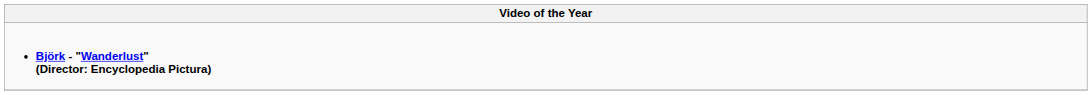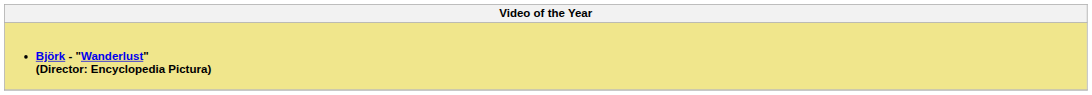 <table class="wikitable" style="width:95%">
 <tr bgcolor="#bebebe">
 <th width="100%">Video of the Year</th>
 </tr>
 <tr>
-<td valign="top"><br><ul><li><strong><a href='#'>Björk</a> - "<a href='#'>Wanderlust</a>" <br>(Director: Encyclopedia Pictura)</strong></li></ul></td>
+<td valign="top" style="background: khaki;"><br><ul><li><strong><a href='#'>Björk</a> - "<a href='#'>Wanderlust</a>" <br>(Director: Encyclopedia Pictura)</strong></li></ul></td>
 </tr>
 <tr>
 </tr>
 </table>
